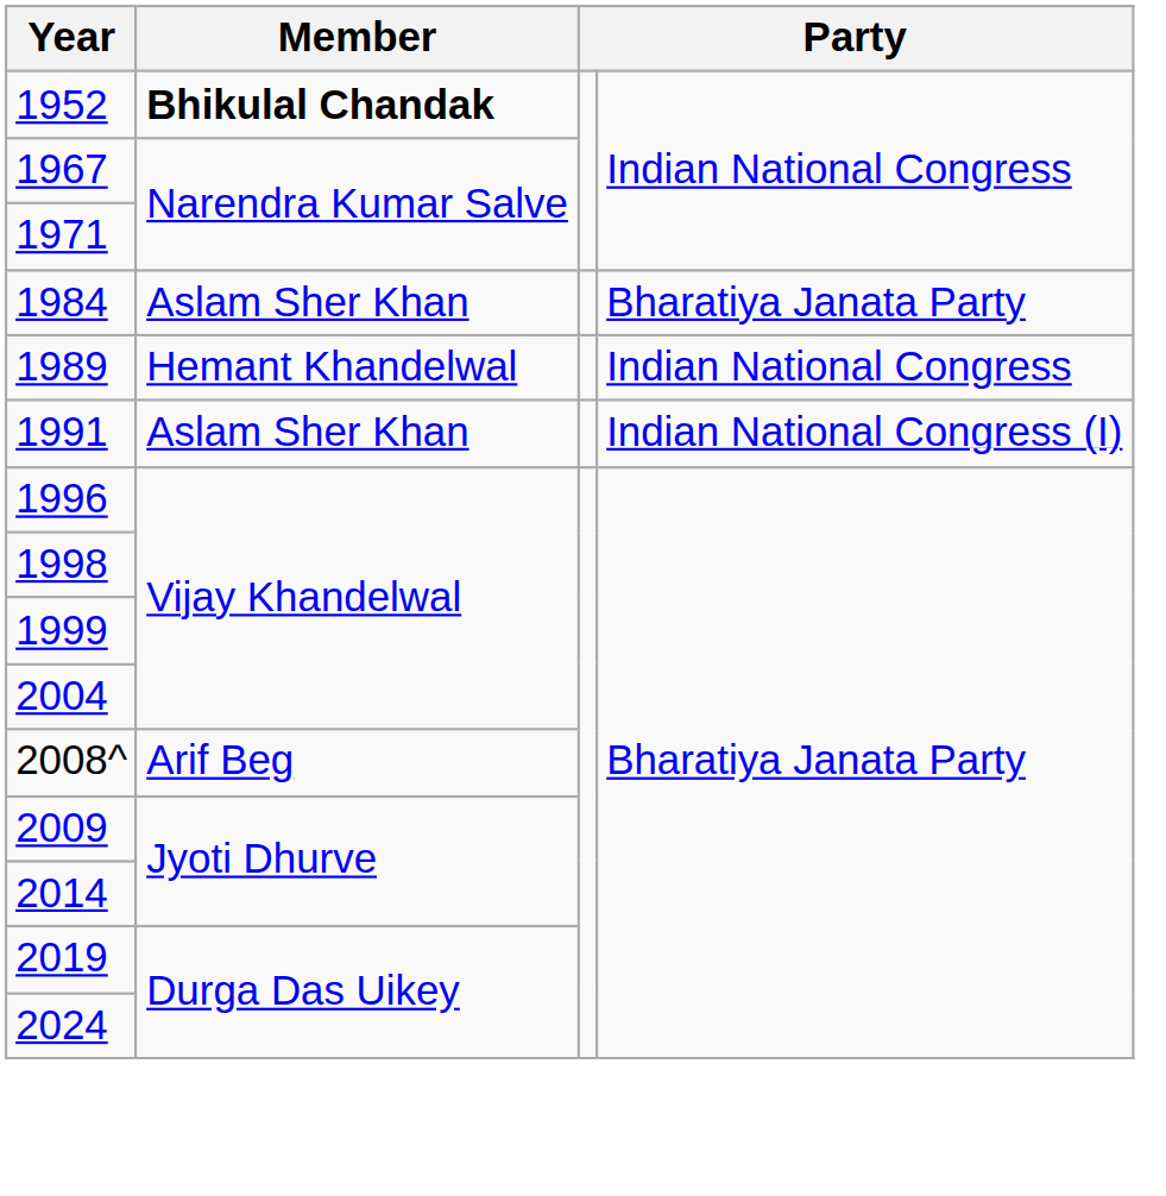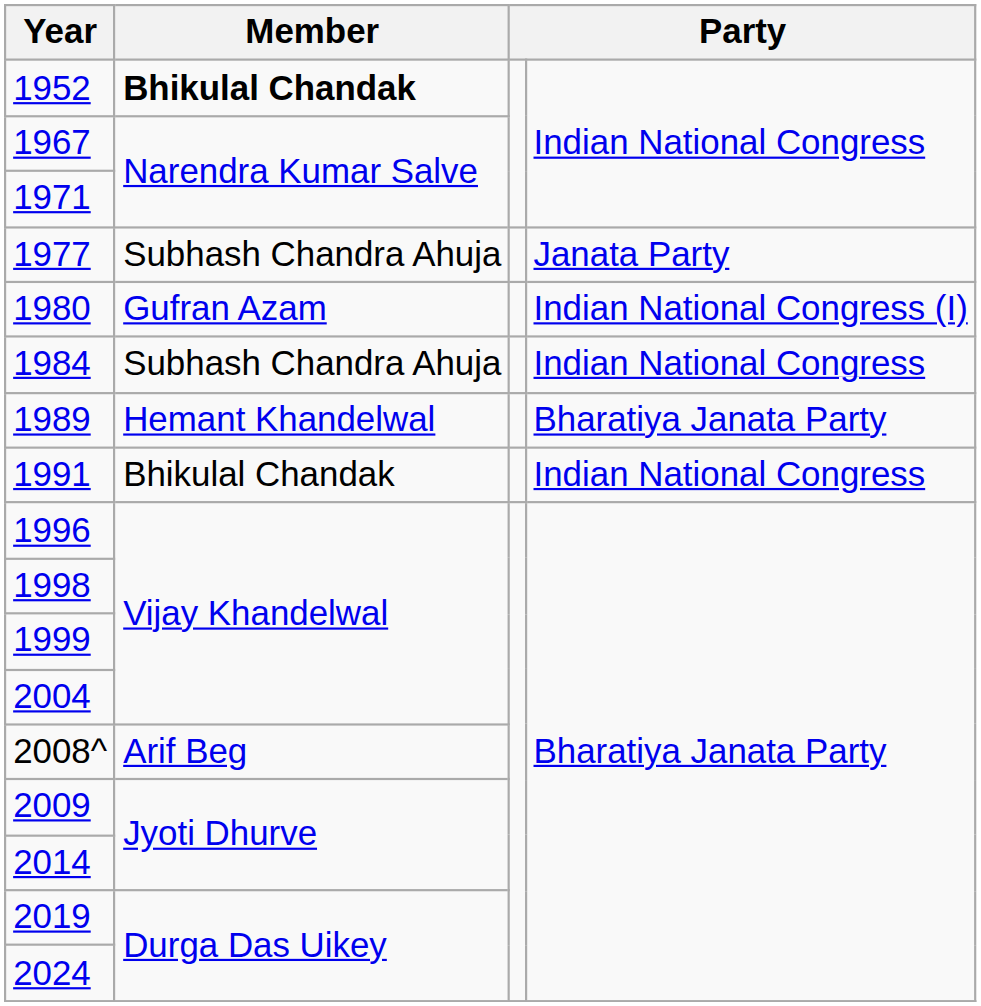 <table class="wikitable">
 <tr>
 <th>Year</th>
 <th>Member</th>
 <th colspan="2">Party</th>
 </tr>
 <tr>
 <td><a href='#'>1952</a></td>
 <td><strong>Bhikulal Chandak</strong></td>
 <td rowspan="3" style="background-color: "></td>
 <td rowspan="3"><a href='#'>Indian National Congress</a></td>
 </tr>
 <tr>
 <td><a href='#'>1967</a></td>
 <td rowspan="2"><a href='#'>Narendra Kumar Salve</a></td>
 </tr>
 <tr>
 <td><a href='#'>1971</a></td>
 </tr>
 <tr>
+<td><a href='#'>1977</a></td>
+<td>Subhash Chandra Ahuja</td>
+<td style="background-color: "></td>
+<td><a href='#'>Janata Party</a></td>
+</tr>
+<tr>
+<td><a href='#'>1980</a></td>
+<td><a href='#'>Gufran Azam</a></td>
+<td style="background-color: "></td>
+<td><a href='#'>Indian National Congress (I)</a></td>
+</tr>
+<tr>
 <td><a href='#'>1984</a></td>
-<td><a href='#'>Aslam Sher Khan</a></td>
+<td>Subhash Chandra Ahuja</td>
 <td style="background-color: "></td>
-<td><a href='#'>Bharatiya Janata Party</a></td>
+<td><a href='#'>Indian National Congress</a></td>
 </tr>
 <tr>
 <td><a href='#'>1989</a></td>
 <td><a href='#'>Hemant Khandelwal</a></td>
 <td style="background-color: "></td>
-<td><a href='#'>Indian National Congress</a></td>
+<td><a href='#'>Bharatiya Janata Party</a></td>
 </tr>
 <tr>
 <td><a href='#'>1991</a></td>
-<td><a href='#'>Aslam Sher Khan</a></td>
+<td>Bhikulal Chandak</td>
 <td style="background-color: "></td>
-<td><a href='#'>Indian National Congress (I)</a></td>
+<td><a href='#'>Indian National Congress</a></td>
 </tr>
 <tr>
 <td><a href='#'>1996</a></td>
 <td rowspan="4"><a href='#'>Vijay Khandelwal</a></td>
 <td rowspan="9" style="background-color: "></td>
 <td rowspan="9"><a href='#'>Bharatiya Janata Party</a></td>
 </tr>
 <tr>
 <td><a href='#'>1998</a></td>
 </tr>
 <tr>
 <td><a href='#'>1999</a></td>
 </tr>
 <tr>
 <td><a href='#'>2004</a></td>
 </tr>
 <tr>
 <td>2008^</td>
 <td><a href='#'>Arif Beg</a></td>
 </tr>
 <tr>
 <td><a href='#'>2009</a></td>
 <td rowspan="2"><a href='#'>Jyoti Dhurve</a></td>
 </tr>
 <tr>
 <td><a href='#'>2014</a></td>
 </tr>
 <tr>
 <td><a href='#'>2019</a></td>
 <td rowspan="2"><a href='#'>Durga Das Uikey</a></td>
 </tr>
 <tr>
 <td><a href='#'>2024</a></td>
 </tr>
 <tr>
 </tr>
 </table>
